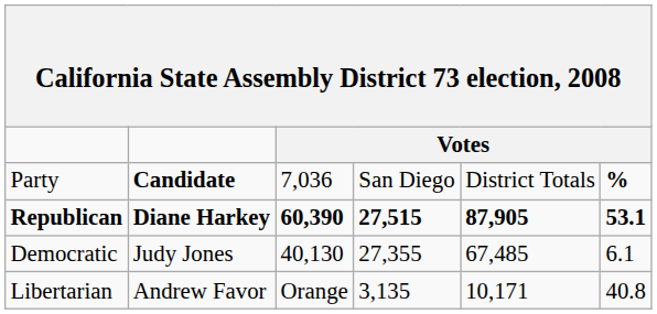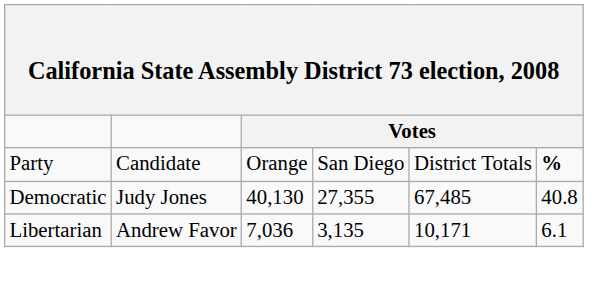 <table class="wikitable">
 <tr>
 <th colspan="6"><br><h3>California State Assembly District 73 election, 2008</h3></th>
 </tr>
 <tr>
 <td></td>
 <td></td>
 <th colspan="4">Votes</th>
 </tr>
 <tr>
 <td>Party</td>
-<td><strong>Candidate</strong></td>
-<td>7,036</td>
+<td>Candidate</td>
+<td>Orange</td>
 <td>San Diego</td>
 <td>District Totals</td>
 <td><strong>%</strong></td>
-</tr>
-<tr>
-<td><strong>Republican</strong></td>
-<td><strong>Diane Harkey</strong></td>
-<td><strong>60,390</strong></td>
-<td><strong>27,515</strong></td>
-<td><strong>87,905</strong></td>
-<td><strong>53.1</strong></td>
 </tr>
 <tr>
 <td>Democratic</td>
 <td>Judy Jones</td>
 <td>40,130</td>
 <td>27,355</td>
 <td>67,485</td>
-<td>6.1</td>
+<td>40.8</td>
 </tr>
 <tr>
 <td>Libertarian</td>
 <td>Andrew Favor</td>
-<td>Orange</td>
+<td>7,036</td>
 <td>3,135</td>
 <td>10,171</td>
-<td>40.8</td>
+<td>6.1</td>
 </tr>
 </table>
